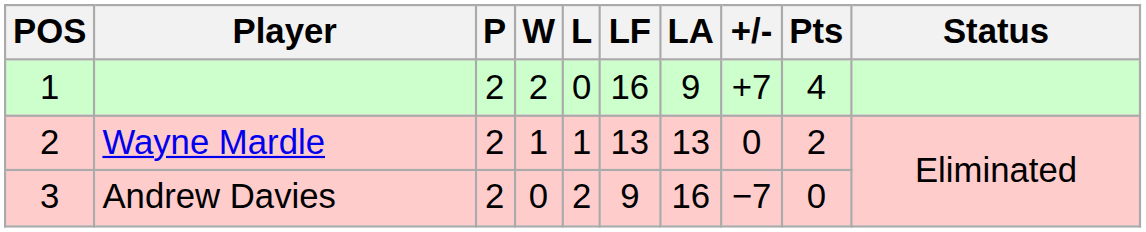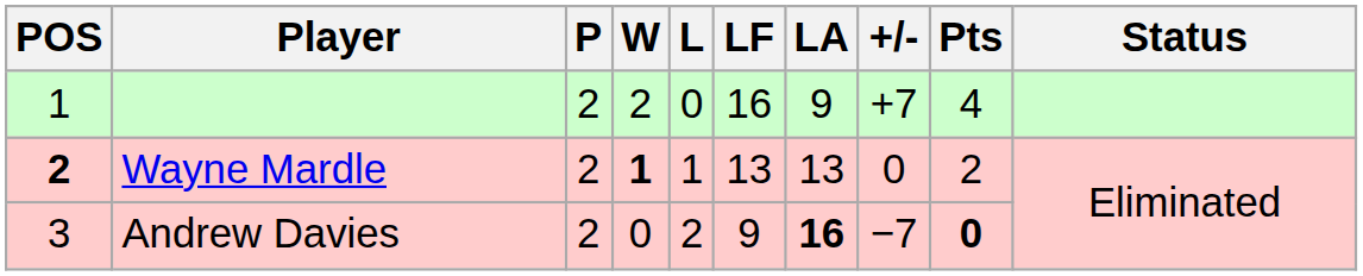 <table class="wikitable" style="text-align:center; margin: 1em auto 1em auto, align:left">
 <tr>
 <th width=20>POS</th>
 <th width=168>Player</th>
 <th width=3>P</th>
 <th width=3>W</th>
 <th width=3>L</th>
 <th width=20>LF</th>
 <th width=20>LA</th>
 <th width=20>+/-</th>
 <th width=20>Pts</th>
 <th width=126>Status</th>
 </tr>
 <tr style="background:#CCFFCC;">
 <td>1</td>
 <td style="text-align:left;"></td>
 <td>2</td>
 <td>2</td>
 <td>0</td>
 <td>16</td>
 <td>9</td>
 <td>+7</td>
 <td>4</td>
 <td rowspan=1></td>
 </tr>
 <tr style="background:#FFCCCC;">
-<td>2</td>
+<td><strong>2</strong></td>
 <td style="text-align:left;"> <a href='#'>Wayne Mardle</a></td>
 <td>2</td>
-<td>1</td>
+<td><strong>1</strong></td>
 <td>1</td>
 <td>13</td>
 <td>13</td>
 <td>0</td>
 <td>2</td>
 <td rowspan=2>Eliminated</td>
 </tr>
 <tr style="background:#FFCCCC;">
 <td>3</td>
 <td style="text-align:left;"> Andrew Davies</td>
 <td>2</td>
 <td>0</td>
 <td>2</td>
 <td>9</td>
-<td>16</td>
+<td><strong>16</strong></td>
 <td>−7</td>
-<td>0</td>
+<td><strong>0</strong></td>
 </tr>
 </table>
